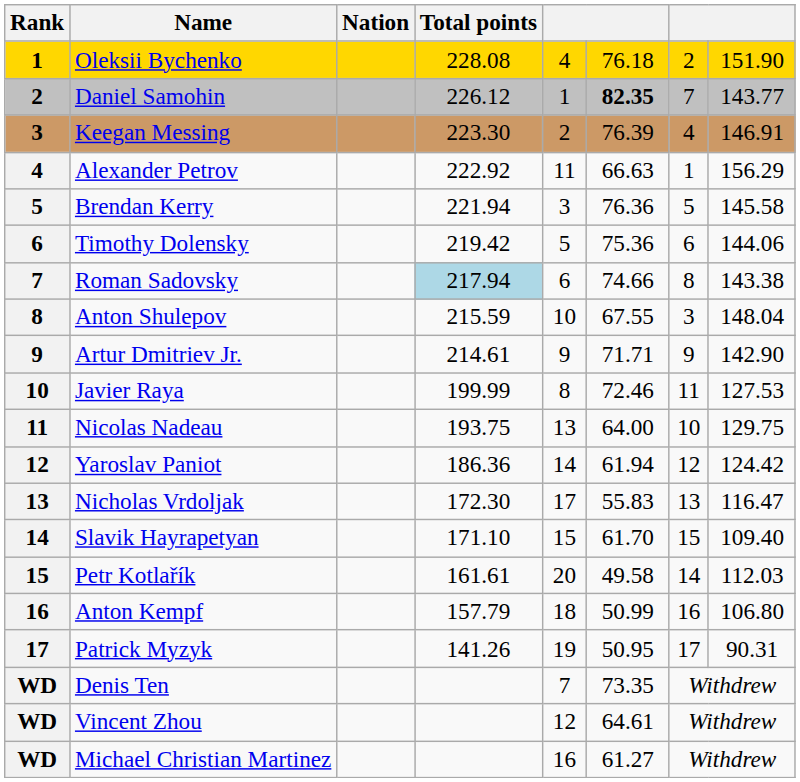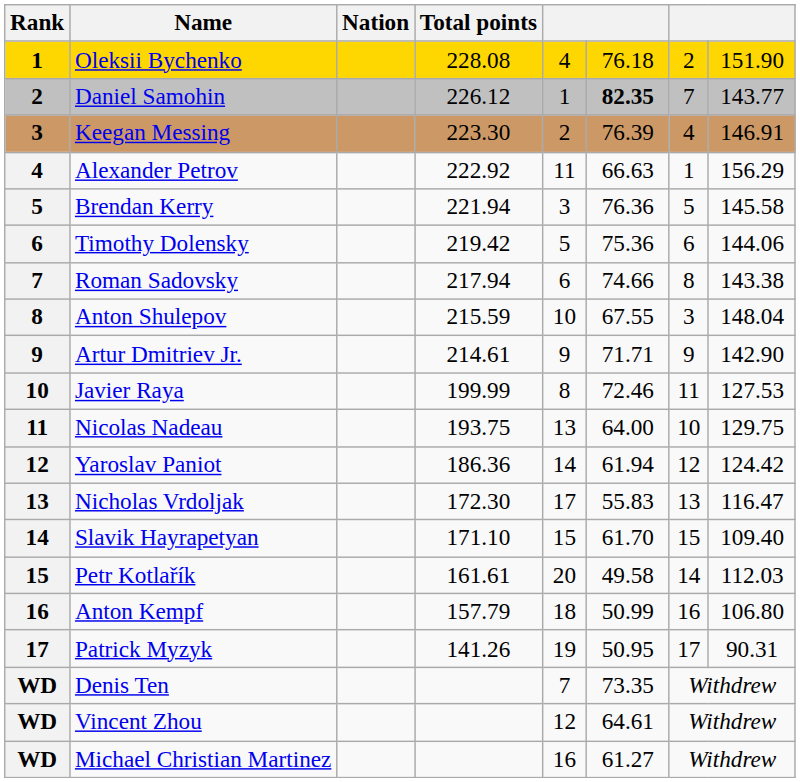 <table class="wikitable sortable">
 <tr>
 <th>Rank</th>
 <th>Name</th>
 <th>Nation</th>
 <th>Total points</th>
 <th colspan="2" width="80px"></th>
 <th colspan="2" width="80px"></th>
 </tr>
 <tr bgcolor="gold">
 <td align="center"><strong>1</strong></td>
 <td><a href='#'>Oleksii Bychenko</a></td>
 <td></td>
 <td align="center">228.08</td>
 <td align="center">4</td>
 <td align="center">76.18</td>
 <td align="center">2</td>
 <td align="center">151.90</td>
 </tr>
 <tr bgcolor="silver">
 <td align="center"><strong>2</strong></td>
 <td><a href='#'>Daniel Samohin</a></td>
 <td></td>
 <td align="center">226.12</td>
 <td align="center">1</td>
 <td align="center"><strong>82.35</strong></td>
 <td align="center">7</td>
 <td align="center">143.77</td>
 </tr>
 <tr bgcolor="cc9966">
 <td align="center"><strong>3</strong></td>
 <td><a href='#'>Keegan Messing</a></td>
 <td></td>
 <td align="center">223.30</td>
 <td align="center">2</td>
 <td align="center">76.39</td>
 <td align="center">4</td>
 <td align="center">146.91</td>
 </tr>
 <tr>
 <th>4</th>
 <td><a href='#'>Alexander Petrov</a></td>
 <td></td>
 <td align="center">222.92</td>
 <td align="center">11</td>
 <td align="center">66.63</td>
 <td align="center">1</td>
 <td align="center">156.29</td>
 </tr>
 <tr>
 <th>5</th>
 <td><a href='#'>Brendan Kerry</a></td>
 <td></td>
 <td align="center">221.94</td>
 <td align="center">3</td>
 <td align="center">76.36</td>
 <td align="center">5</td>
 <td align="center">145.58</td>
 </tr>
 <tr>
 <th>6</th>
 <td><a href='#'>Timothy Dolensky</a></td>
 <td></td>
 <td align="center">219.42</td>
 <td align="center">5</td>
 <td align="center">75.36</td>
 <td align="center">6</td>
 <td align="center">144.06</td>
 </tr>
 <tr>
 <th>7</th>
 <td><a href='#'>Roman Sadovsky</a></td>
 <td></td>
-<td align="center" style="background: lightblue;">217.94</td>
+<td align="center">217.94</td>
 <td align="center">6</td>
 <td align="center">74.66</td>
 <td align="center">8</td>
 <td align="center">143.38</td>
 </tr>
 <tr>
 <th>8</th>
 <td><a href='#'>Anton Shulepov</a></td>
 <td></td>
 <td align="center">215.59</td>
 <td align="center">10</td>
 <td align="center">67.55</td>
 <td align="center">3</td>
 <td align="center">148.04</td>
 </tr>
 <tr>
 <th>9</th>
 <td><a href='#'>Artur Dmitriev Jr.</a></td>
 <td></td>
 <td align="center">214.61</td>
 <td align="center">9</td>
 <td align="center">71.71</td>
 <td align="center">9</td>
 <td align="center">142.90</td>
 </tr>
 <tr>
 <th>10</th>
 <td><a href='#'>Javier Raya</a></td>
 <td></td>
 <td align="center">199.99</td>
 <td align="center">8</td>
 <td align="center">72.46</td>
 <td align="center">11</td>
 <td align="center">127.53</td>
 </tr>
 <tr>
 <th>11</th>
 <td><a href='#'>Nicolas Nadeau</a></td>
 <td></td>
 <td align="center">193.75</td>
 <td align="center">13</td>
 <td align="center">64.00</td>
 <td align="center">10</td>
 <td align="center">129.75</td>
 </tr>
 <tr>
 <th>12</th>
 <td><a href='#'>Yaroslav Paniot</a></td>
 <td></td>
 <td align="center">186.36</td>
 <td align="center">14</td>
 <td align="center">61.94</td>
 <td align="center">12</td>
 <td align="center">124.42</td>
 </tr>
 <tr>
 <th>13</th>
 <td><a href='#'>Nicholas Vrdoljak</a></td>
 <td></td>
 <td align="center">172.30</td>
 <td align="center">17</td>
 <td align="center">55.83</td>
 <td align="center">13</td>
 <td align="center">116.47</td>
 </tr>
 <tr>
 <th>14</th>
 <td><a href='#'>Slavik Hayrapetyan</a></td>
 <td></td>
 <td align="center">171.10</td>
 <td align="center">15</td>
 <td align="center">61.70</td>
 <td align="center">15</td>
 <td align="center">109.40</td>
 </tr>
 <tr>
 <th>15</th>
 <td><a href='#'>Petr Kotlařík</a></td>
 <td></td>
 <td align="center">161.61</td>
 <td align="center">20</td>
 <td align="center">49.58</td>
 <td align="center">14</td>
 <td align="center">112.03</td>
 </tr>
 <tr>
 <th>16</th>
 <td><a href='#'>Anton Kempf</a></td>
 <td></td>
 <td align="center">157.79</td>
 <td align="center">18</td>
 <td align="center">50.99</td>
 <td align="center">16</td>
 <td align="center">106.80</td>
 </tr>
 <tr>
 <th>17</th>
 <td><a href='#'>Patrick Myzyk</a></td>
 <td></td>
 <td align="center">141.26</td>
 <td align="center">19</td>
 <td align="center">50.95</td>
 <td align="center">17</td>
 <td align="center">90.31</td>
 </tr>
 <tr>
 <th>WD</th>
 <td><a href='#'>Denis Ten</a></td>
 <td></td>
 <td></td>
 <td align="center">7</td>
 <td align="center">73.35</td>
 <td colspan="2" align="center"><em>Withdrew</em></td>
 </tr>
 <tr>
 <th>WD</th>
 <td><a href='#'>Vincent Zhou</a></td>
 <td></td>
 <td></td>
 <td align="center">12</td>
 <td align="center">64.61</td>
 <td colspan="2" align="center"><em>Withdrew</em></td>
 </tr>
 <tr>
 <th>WD</th>
 <td><a href='#'>Michael Christian Martinez</a></td>
 <td></td>
 <td></td>
 <td align="center">16</td>
 <td align="center">61.27</td>
 <td colspan="2" align="center"><em>Withdrew</em></td>
 </tr>
 </table>
